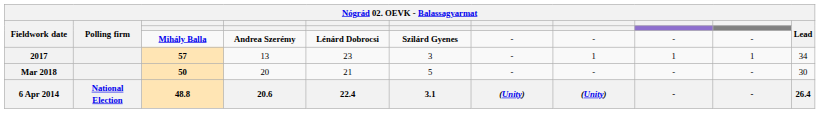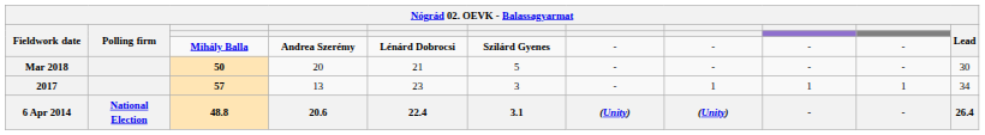 <table class="wikitable mw-collapsible mw-collapsed" style="text-align:center">
 <tr>
 <th colspan="11" style="width: 980pt;"><small><a href='#'>Nógrád</a> 02. OEVK -</small> <small><a href='#'>Balassagyarmat</a></small></th>
 </tr>
 <tr>
 <th rowspan="3" style="width: 80pt;"><small>Fieldwork</small> <small>date</small></th>
 <th rowspan="3" style="width: 80pt;"><strong><small>Polling</small> <small>firm</small></strong></th>
 <th style="width: 100pt;"><small></small></th>
 <th style="width: 100pt;"><small> </small></th>
 <th style="width: 100pt;"></th>
 <th style="width: 100pt;"></th>
 <th style="width: 100pt;"></th>
 <th style="width: 100pt;"></th>
 <th style="width: 100pt;"></th>
 <th style="width: 100pt;"></th>
 <th rowspan="3" style="width: 20pt;"><small>Lead</small></th>
 </tr>
 <tr>
 <th style="color:inherit;background:"></th>
 <th style="color:inherit;background:"></th>
 <th style="color:inherit;background:"></th>
 <th style="color:inherit;background:"></th>
 <th style="color:inherit;background:"></th>
 <th style="color:inherit;background:"></th>
 <th style="color:inherit;background:#8E6FCE;"></th>
 <th style="color:inherit;background:#808080;"></th>
 </tr>
 <tr>
 <td><a href='#'><small><strong>Mihály Balla</strong></small></a></td>
 <td><small><strong>Andrea Szerémy</strong></small></td>
 <td><small><strong>Lénárd Dobrocsi</strong></small></td>
 <td><small><strong>Szilárd Gyenes</strong></small></td>
 <td><small>-</small></td>
 <td><small>-</small></td>
 <td><small>-</small></td>
 <td><small>-</small></td>
 </tr>
 <tr>
+<th><small>Mar 2018</small></th>
+<th><small></small></th>
+<td style="background:#FFE5B4"><small><strong>50</strong></small></td>
+<td><small>20</small></td>
+<td><small>21</small></td>
+<td><small>5</small></td>
+<td><small>-</small></td>
+<td><small>-</small></td>
+<td><small>-</small></td>
+<td><small>-</small></td>
+<td style="background:"><small>30</small></td>
+</tr>
+<tr>
 <th><small>2017</small></th>
 <th><small></small></th>
 <td style="background:#FFE5B4"><small><strong>57</strong></small></td>
 <td><small>13</small></td>
 <td><small>23</small></td>
 <td><small>3</small></td>
 <td><small>-</small></td>
 <td><small>1</small></td>
 <td><small>1</small></td>
 <td><small>1</small></td>
 <td style="background:"><small>34</small></td>
-</tr>
-<tr>
-<th><small>Mar 2018</small></th>
-<th><small></small></th>
-<td style="background:#FFE5B4"><small><strong>50</strong></small></td>
-<td><small>20</small></td>
-<td><small>21</small></td>
-<td><small>5</small></td>
-<td><small>-</small></td>
-<td><small>-</small></td>
-<td><small>-</small></td>
-<td><small>-</small></td>
-<td style="background:"><small>30</small></td>
 </tr>
 <tr>
 <th><small>6 Apr 2014</small></th>
 <th><a href='#'><small>National Election</small></a></th>
 <th style="background:#FFE5B4"><small><strong>48.8</strong></small></th>
 <th><small>20.6</small></th>
 <th><small>22.4</small></th>
 <th><small>3.1</small></th>
 <th><small><em>(<a href='#'>Unity</a>)</em></small></th>
 <th><small><em>(<a href='#'>Unity</a>)</em></small></th>
 <th><small>-</small></th>
 <th><small>-</small></th>
 <th style="background:"><small>26.4</small></th>
 </tr>
 </table>
